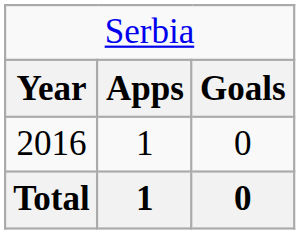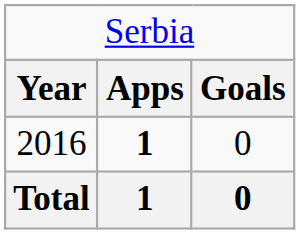 <table class="wikitable" style="text-align:center">
 <tr>
 <td colspan="3"><a href='#'>Serbia</a></td>
 </tr>
 <tr>
 <th>Year</th>
 <th>Apps</th>
 <th>Goals</th>
 </tr>
 <tr>
 <td>2016</td>
-<td>1</td>
+<td><strong>1</strong></td>
 <td>0</td>
 </tr>
 <tr>
 <th>Total</th>
 <th>1</th>
 <th>0</th>
 </tr>
 </table>
